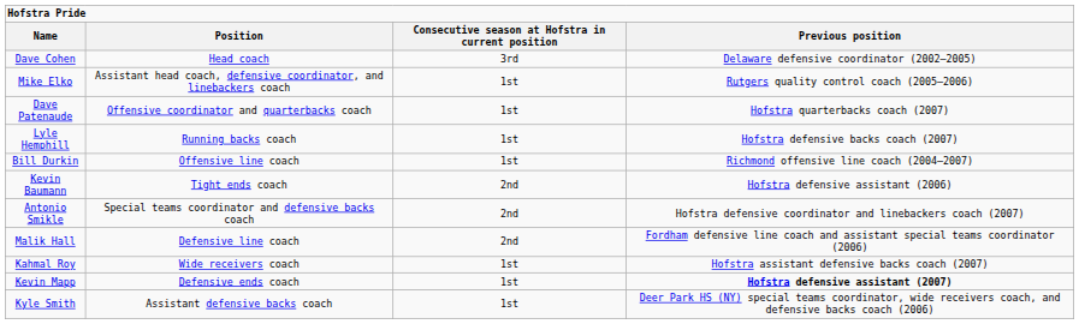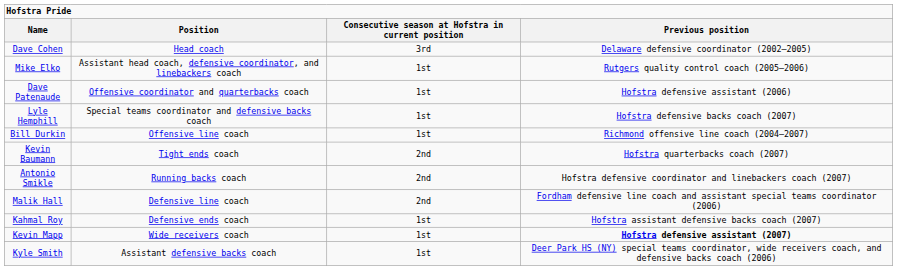 <table class="wikitable" style="font-size:90%;">
 <tr>
 <td colspan=5><strong>Hofstra Pride</strong></td>
 </tr>
 <tr align="center";>
 <th>Name</th>
 <th>Position</th>
 <th>Consecutive season at Hofstra in current position</th>
 <th>Previous position</th>
 </tr>
 <tr align="center";>
 <td><a href='#'>Dave Cohen</a></td>
 <td><a href='#'>Head coach</a></td>
 <td>3rd</td>
 <td><a href='#'>Delaware</a> defensive coordinator (2002–2005)</td>
 </tr>
 <tr align="center";>
 <td><a href='#'>Mike Elko</a></td>
 <td>Assistant head coach, <a href='#'>defensive coordinator</a>, and <a href='#'>linebackers</a> coach</td>
 <td>1st</td>
 <td><a href='#'>Rutgers</a> quality control coach (2005–2006)</td>
 </tr>
 <tr align="center";>
 <td><a href='#'>Dave Patenaude</a></td>
 <td><a href='#'>Offensive coordinator</a> and <a href='#'>quarterbacks</a> coach</td>
 <td>1st</td>
-<td><a href='#'>Hofstra</a> quarterbacks coach (2007)</td>
+<td><a href='#'>Hofstra</a> defensive assistant (2006)</td>
 </tr>
 <tr align="center";>
 <td><a href='#'>Lyle Hemphill</a></td>
-<td><a href='#'>Running backs</a> coach</td>
+<td>Special teams coordinator and <a href='#'>defensive backs</a> coach</td>
 <td>1st</td>
 <td><a href='#'>Hofstra</a> defensive backs coach (2007)</td>
 </tr>
 <tr align="center";>
 <td><a href='#'>Bill Durkin</a></td>
 <td><a href='#'>Offensive line</a> coach</td>
 <td>1st</td>
 <td><a href='#'>Richmond</a> offensive line coach (2004–2007)</td>
 </tr>
 <tr align="center";>
 <td><a href='#'>Kevin Baumann</a></td>
 <td><a href='#'>Tight ends</a> coach</td>
 <td>2nd</td>
-<td><a href='#'>Hofstra</a> defensive assistant (2006)</td>
+<td><a href='#'>Hofstra</a> quarterbacks coach (2007)</td>
 </tr>
 <tr align="center";>
 <td><a href='#'>Antonio Smikle</a></td>
-<td>Special teams coordinator and <a href='#'>defensive backs</a> coach</td>
+<td><a href='#'>Running backs</a> coach</td>
 <td>2nd</td>
 <td>Hofstra defensive coordinator and linebackers coach (2007)</td>
 </tr>
 <tr align="center";>
 <td><a href='#'>Malik Hall</a></td>
 <td><a href='#'>Defensive line</a> coach</td>
 <td>2nd</td>
 <td><a href='#'>Fordham</a> defensive line coach and assistant special teams coordinator (2006)</td>
 </tr>
 <tr align="center";>
 <td><a href='#'>Kahmal Roy</a></td>
-<td><a href='#'>Wide receivers</a> coach</td>
+<td><a href='#'>Defensive ends</a> coach</td>
 <td>1st</td>
 <td><a href='#'>Hofstra</a> assistant defensive backs coach (2007)</td>
 </tr>
 <tr align="center";>
 <td><a href='#'>Kevin Mapp</a></td>
-<td><a href='#'>Defensive ends</a> coach</td>
+<td><a href='#'>Wide receivers</a> coach</td>
 <td>1st</td>
 <td><strong><a href='#'>Hofstra</a> defensive assistant (2007)</strong></td>
 </tr>
 <tr align="center" ;>
 <td><a href='#'>Kyle Smith</a></td>
 <td>Assistant <a href='#'>defensive backs</a> coach</td>
 <td>1st</td>
 <td><a href='#'>Deer Park HS (NY)</a> special teams coordinator, wide receivers coach, and defensive backs coach (2006)</td>
 </tr>
 </table>
